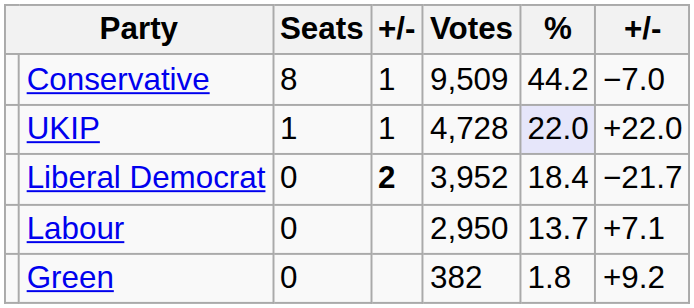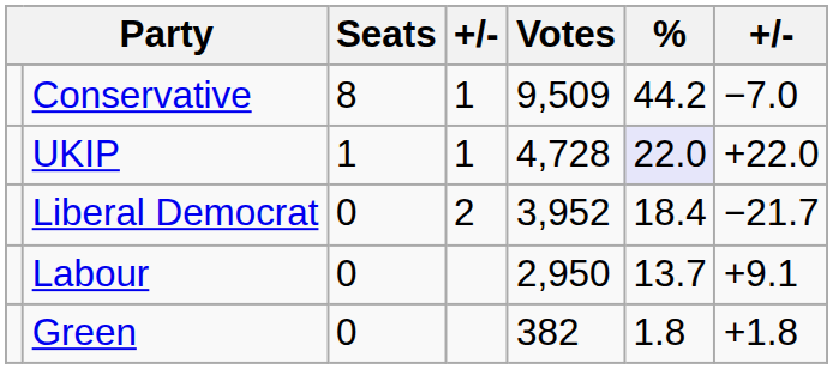 <table class="wikitable">
 <tr>
 <th colspan="2">Party</th>
 <th>Seats</th>
 <th>+/-</th>
 <th>Votes</th>
 <th>%</th>
 <th>+/-</th>
 </tr>
 <tr>
 <td style="background-color: "></td>
 <td><a href='#'>Conservative</a></td>
 <td>8</td>
 <td> 1</td>
 <td>9,509</td>
 <td>44.2</td>
 <td><span>−7.0</span></td>
 </tr>
 <tr>
 <td style="background-color: "></td>
 <td><a href='#'>UKIP</a></td>
 <td>1</td>
 <td> 1</td>
 <td>4,728</td>
 <td style="background: lavender;">22.0</td>
 <td><span>+22.0</span></td>
 </tr>
 <tr>
 <td style="background-color: "></td>
 <td><a href='#'>Liberal Democrat</a></td>
 <td>0</td>
-<td><strong> 2</strong></td>
+<td> 2</td>
 <td>3,952</td>
 <td>18.4</td>
 <td><span>−21.7</span></td>
 </tr>
 <tr>
 <td style="background-color: "></td>
 <td><a href='#'>Labour</a></td>
 <td>0</td>
 <td></td>
 <td>2,950</td>
 <td>13.7</td>
-<td><span>+7.1</span></td>
+<td><span>+9.1</span></td>
 </tr>
 <tr>
 <td style="background-color: "></td>
 <td><a href='#'>Green</a></td>
 <td>0</td>
 <td></td>
 <td>382</td>
 <td>1.8</td>
-<td><span>+9.2</span></td>
+<td><span>+1.8</span></td>
 </tr>
 </table>
